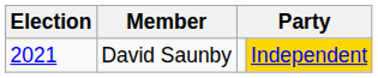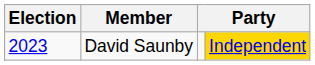 <table class="wikitable">
 <tr>
 <th>Election</th>
 <th>Member</th>
 <th colspan="2">Party</th>
 </tr>
 <tr>
-<td><a href='#'>2021</a></td>
+<td><a href='#'>2023</a></td>
 <td>David Saunby</td>
 <td style="background-color: "></td>
 <td style="background: gold;"><a href='#'>Independent</a></td>
 </tr>
 </table>
